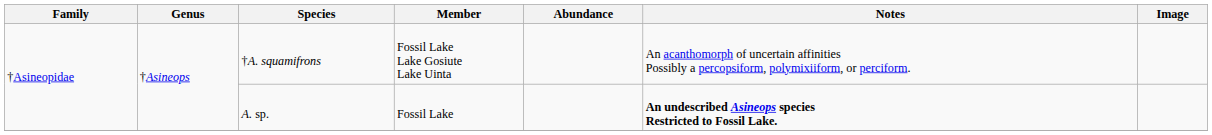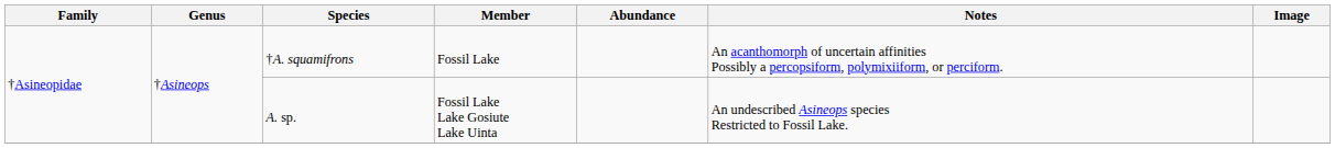 <table class="wikitable" style="margin:auto;width:100%;">
 <tr>
 <th>Family</th>
 <th>Genus</th>
 <th>Species</th>
 <th>Member</th>
 <th>Abundance</th>
 <th>Notes</th>
 <th>Image</th>
 </tr>
 <tr>
 <td rowspan=2>†<a href='#'>Asineopidae</a></td>
 <td rowspan=2>†<em><a href='#'>Asineops</a></em></td>
 <td><br>†<em>A. squamifrons</em> </td>
-<td><br>Fossil Lake<br> Lake Gosiute<br> Lake Uinta</td>
+<td><br>Fossil Lake</td>
 <td></td>
 <td><br>An <a href='#'>acanthomorph</a> of uncertain affinities<br>Possibly a <a href='#'>percopsiform</a>, <a href='#'>polymixiiform</a>, or <a href='#'>perciform</a>.</td>
 <td><br></td>
 </tr>
 <tr>
 <td><br><em>A.</em> sp.</td>
-<td><br>Fossil Lake</td>
+<td><br>Fossil Lake<br> Lake Gosiute<br> Lake Uinta</td>
 <td></td>
-<td><strong><br>An undescribed <em><a href='#'>Asineops</a></em> species<br>Restricted to Fossil Lake.</strong></td>
+<td><br>An undescribed <em><a href='#'>Asineops</a></em> species<br>Restricted to Fossil Lake.</td>
 <td><br></td>
 </tr>
 <tr>
 </tr>
 </table>
